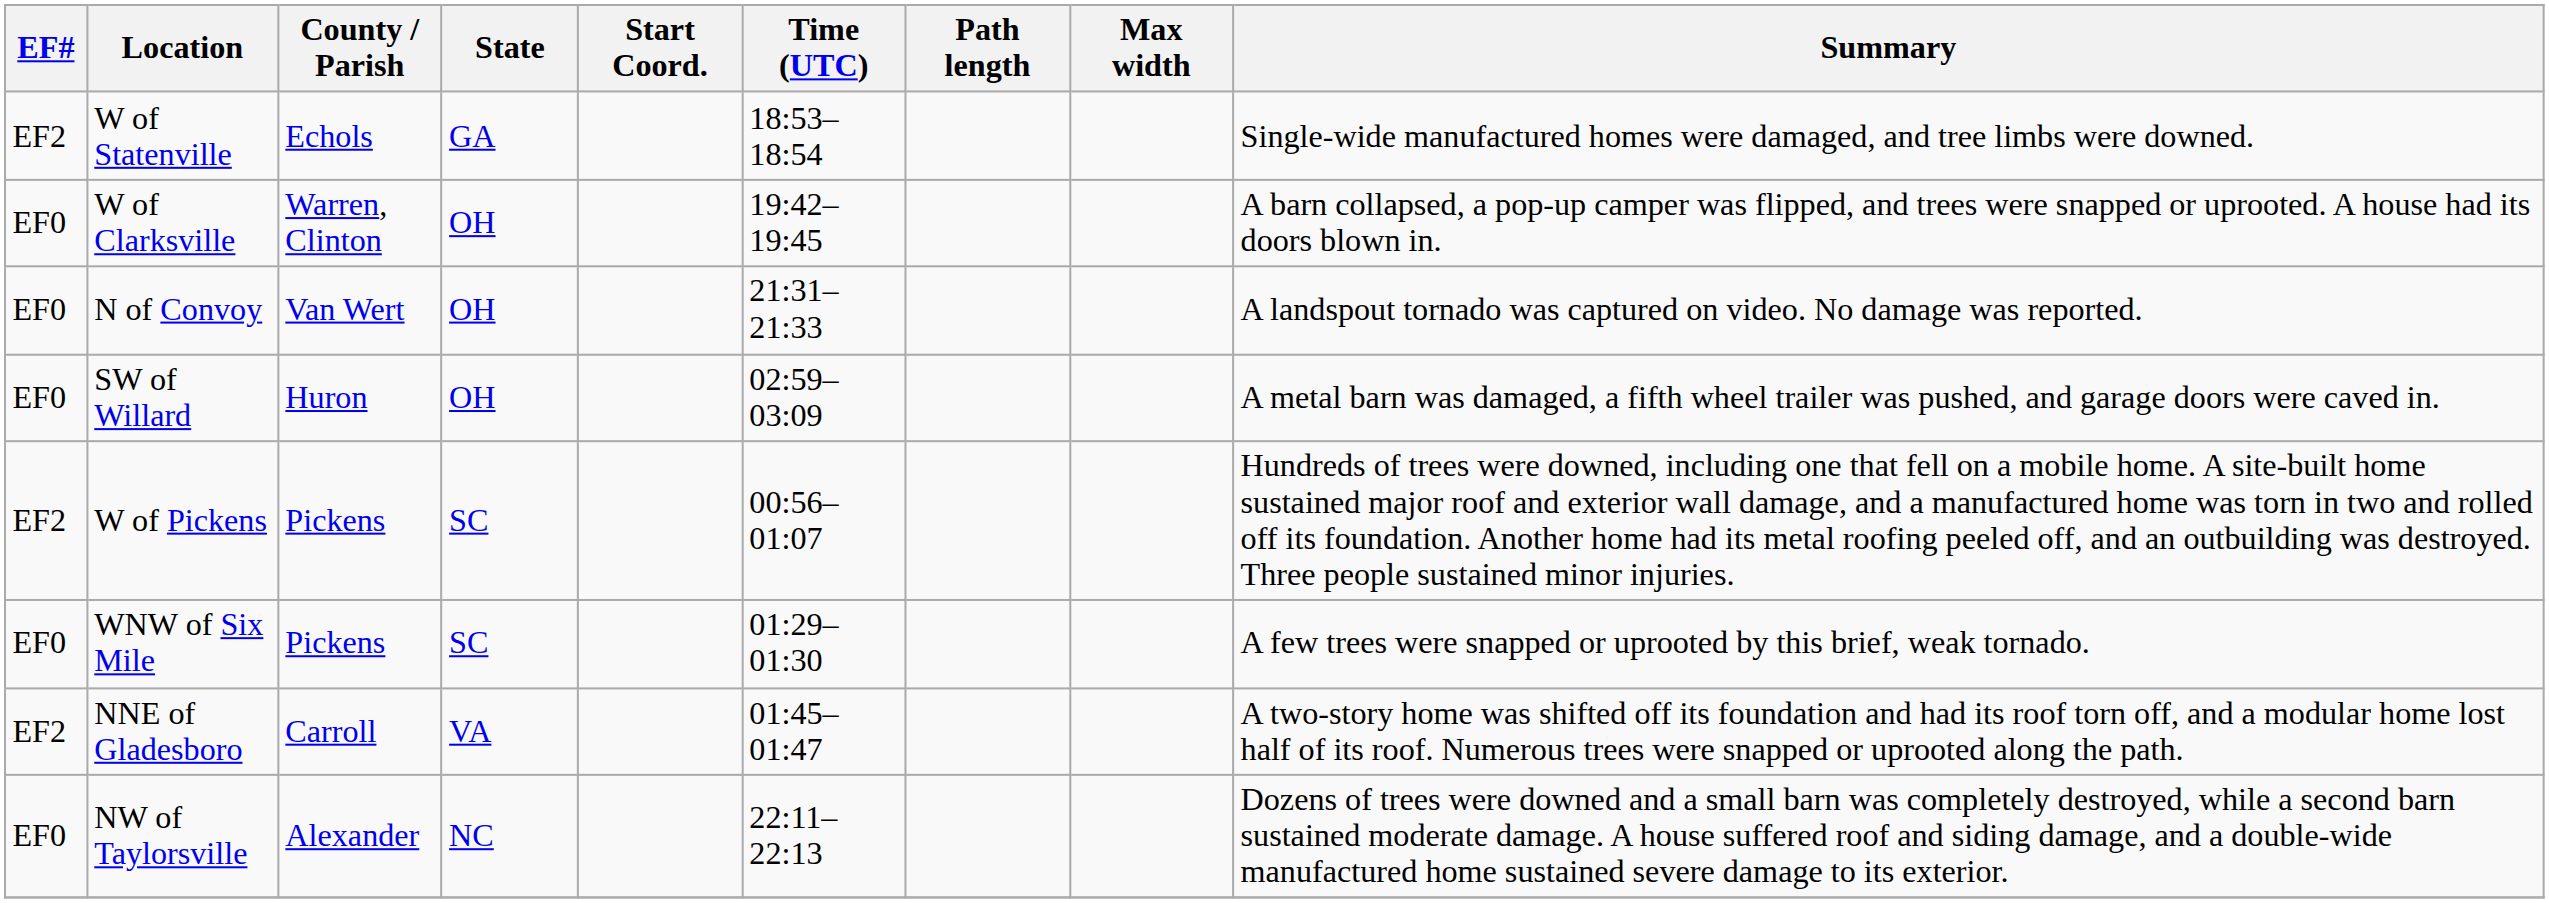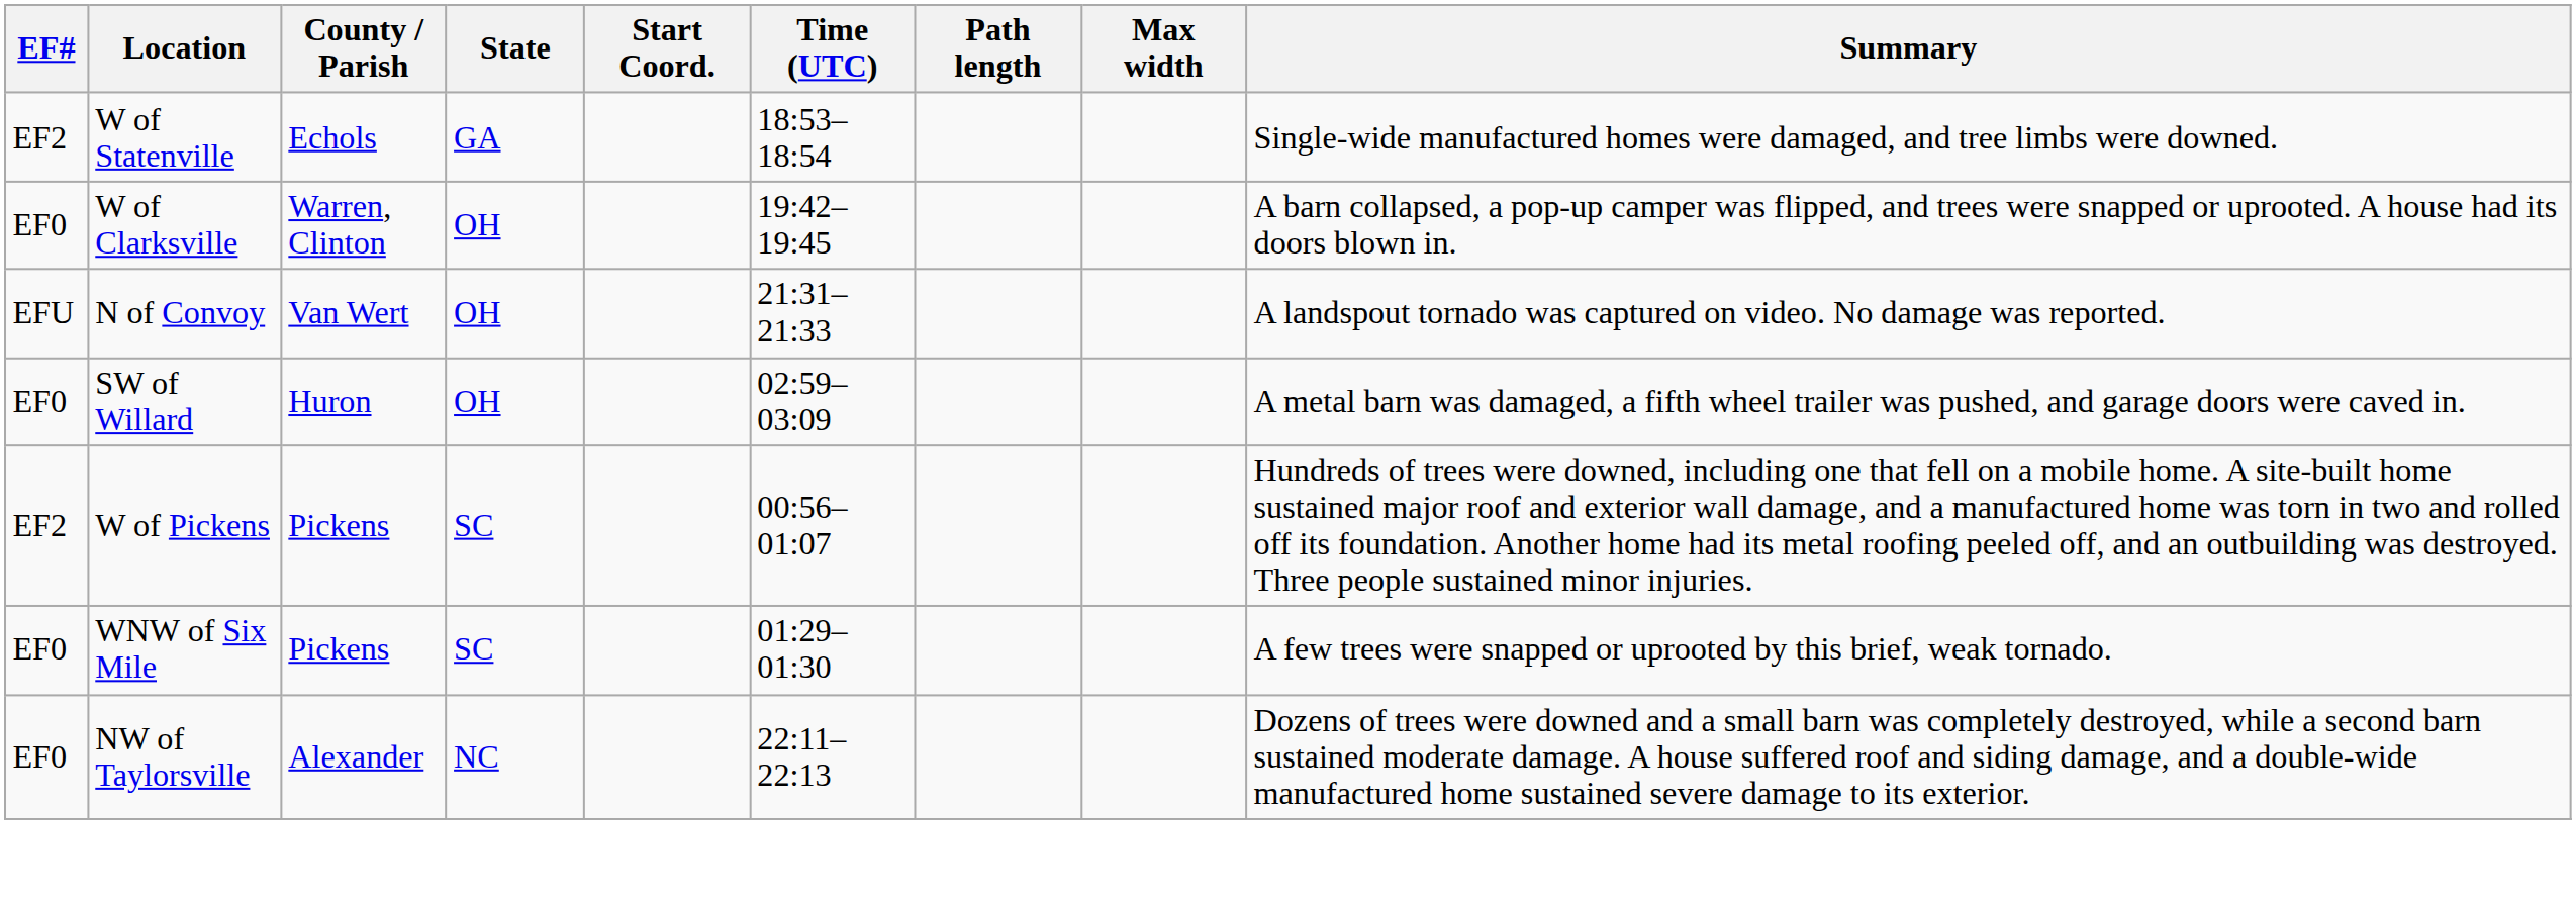 <table class="wikitable sortable" style="width:100%;">
 <tr>
 <th scope="col"  style="width:3%; text-align:center;"><a href='#'>EF#</a></th>
 <th scope="col"  style="width:7%; text-align:center;" class="unsortable">Location</th>
 <th scope="col"  style="width:6%; text-align:center;" class="unsortable">County / Parish</th>
 <th scope="col"  style="width:5%; text-align:center;">State</th>
 <th scope="col"  style="width:6%; text-align:center;">Start Coord.</th>
 <th scope="col"  style="width:6%; text-align:center;">Time (<a href='#'>UTC</a>)</th>
 <th scope="col"  style="width:6%; text-align:center;">Path length</th>
 <th scope="col"  style="width:6%; text-align:center;">Max width</th>
 <th scope="col" class="unsortable" style="width:48%; text-align:center;">Summary</th>
 </tr>
 <tr>
 <td>EF2</td>
 <td>W of <a href='#'>Statenville</a></td>
 <td><a href='#'>Echols</a></td>
 <td><a href='#'>GA</a></td>
 <td></td>
 <td>18:53–18:54</td>
 <td></td>
 <td></td>
 <td>Single-wide manufactured homes were damaged, and tree limbs were downed.</td>
 </tr>
 <tr>
 <td>EF0</td>
 <td>W of <a href='#'>Clarksville</a></td>
 <td><a href='#'>Warren</a>, <a href='#'>Clinton</a></td>
 <td><a href='#'>OH</a></td>
 <td></td>
 <td>19:42–19:45</td>
 <td></td>
 <td></td>
 <td>A barn collapsed, a pop-up camper was flipped, and trees were snapped or uprooted. A house had its doors blown in.</td>
 </tr>
 <tr>
-<td>EF0</td>
+<td>EFU</td>
 <td>N of <a href='#'>Convoy</a></td>
 <td><a href='#'>Van Wert</a></td>
 <td><a href='#'>OH</a></td>
 <td></td>
 <td>21:31–21:33</td>
 <td></td>
 <td></td>
 <td>A landspout tornado was captured on video. No damage was reported.</td>
 </tr>
 <tr>
 <td>EF0</td>
 <td>SW of <a href='#'>Willard</a></td>
 <td><a href='#'>Huron</a></td>
 <td><a href='#'>OH</a></td>
 <td></td>
 <td>02:59–03:09</td>
 <td></td>
 <td></td>
 <td>A metal barn was damaged, a fifth wheel trailer was pushed, and garage doors were caved in.</td>
 </tr>
 <tr>
 <td>EF2</td>
 <td>W of <a href='#'>Pickens</a></td>
 <td><a href='#'>Pickens</a></td>
 <td><a href='#'>SC</a></td>
 <td></td>
 <td>00:56–01:07</td>
 <td></td>
 <td></td>
 <td>Hundreds of trees were downed, including one that fell on a mobile home. A site-built home sustained major roof and exterior wall damage, and a manufactured home was torn in two and rolled off its foundation. Another home had its metal roofing peeled off, and an outbuilding was destroyed. Three people sustained minor injuries.</td>
 </tr>
 <tr>
 <td>EF0</td>
 <td>WNW of <a href='#'>Six Mile</a></td>
 <td><a href='#'>Pickens</a></td>
 <td><a href='#'>SC</a></td>
 <td></td>
 <td>01:29–01:30</td>
 <td></td>
 <td></td>
 <td>A few trees were snapped or uprooted by this brief, weak tornado.</td>
 </tr>
 <tr>
-<td>EF2</td>
-<td>NNE of <a href='#'>Gladesboro</a></td>
-<td><a href='#'>Carroll</a></td>
-<td><a href='#'>VA</a></td>
-<td></td>
-<td>01:45–01:47</td>
-<td></td>
-<td></td>
-<td>A two-story home was shifted off its foundation and had its roof torn off, and a modular home lost half of its roof. Numerous trees were snapped or uprooted along the path.</td>
-</tr>
-<tr>
 <td>EF0</td>
 <td>NW of <a href='#'>Taylorsville</a></td>
 <td><a href='#'>Alexander</a></td>
 <td><a href='#'>NC</a></td>
 <td></td>
 <td>22:11–22:13</td>
 <td></td>
 <td></td>
 <td>Dozens of trees were downed and a small barn was completely destroyed, while a second barn sustained moderate damage. A house suffered roof and siding damage, and a double-wide manufactured home sustained severe damage to its exterior.</td>
 </tr>
 <tr>
 </tr>
 </table>
